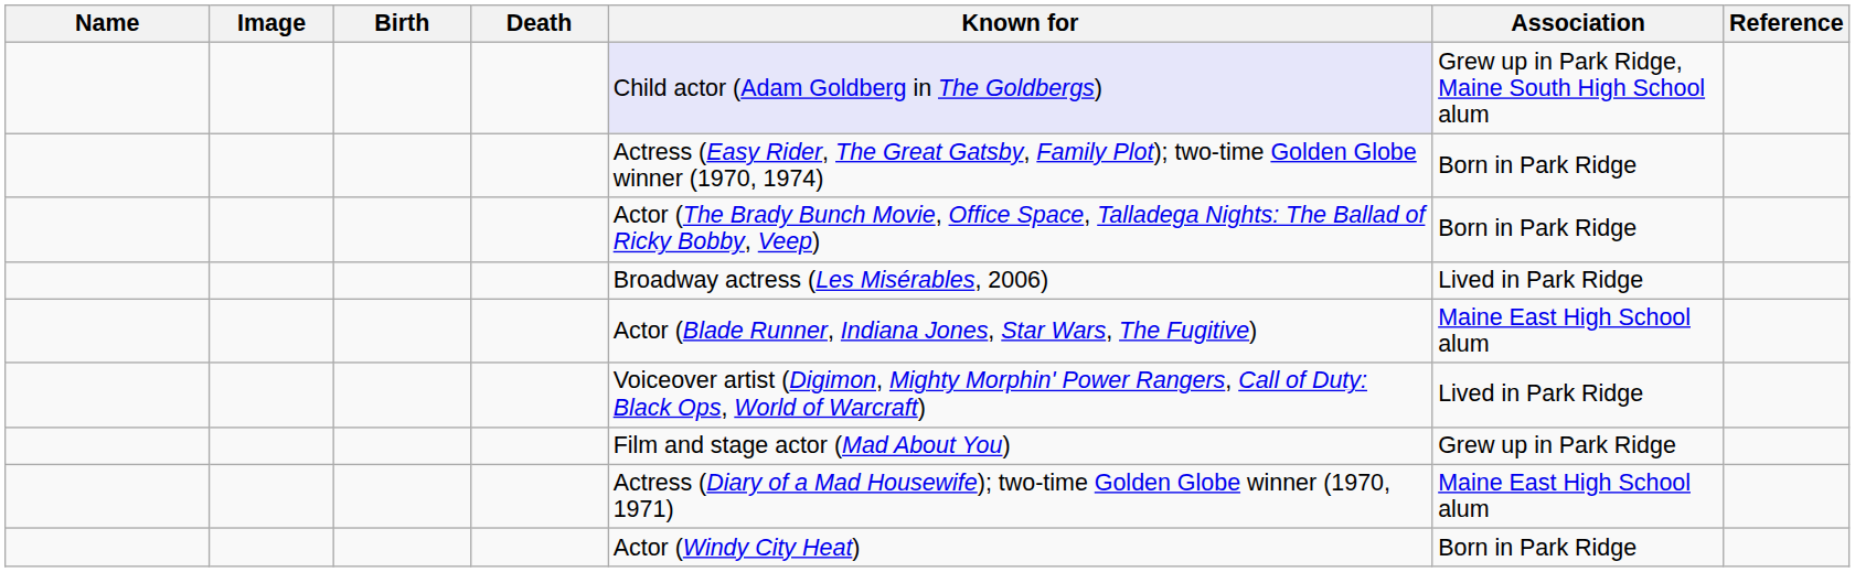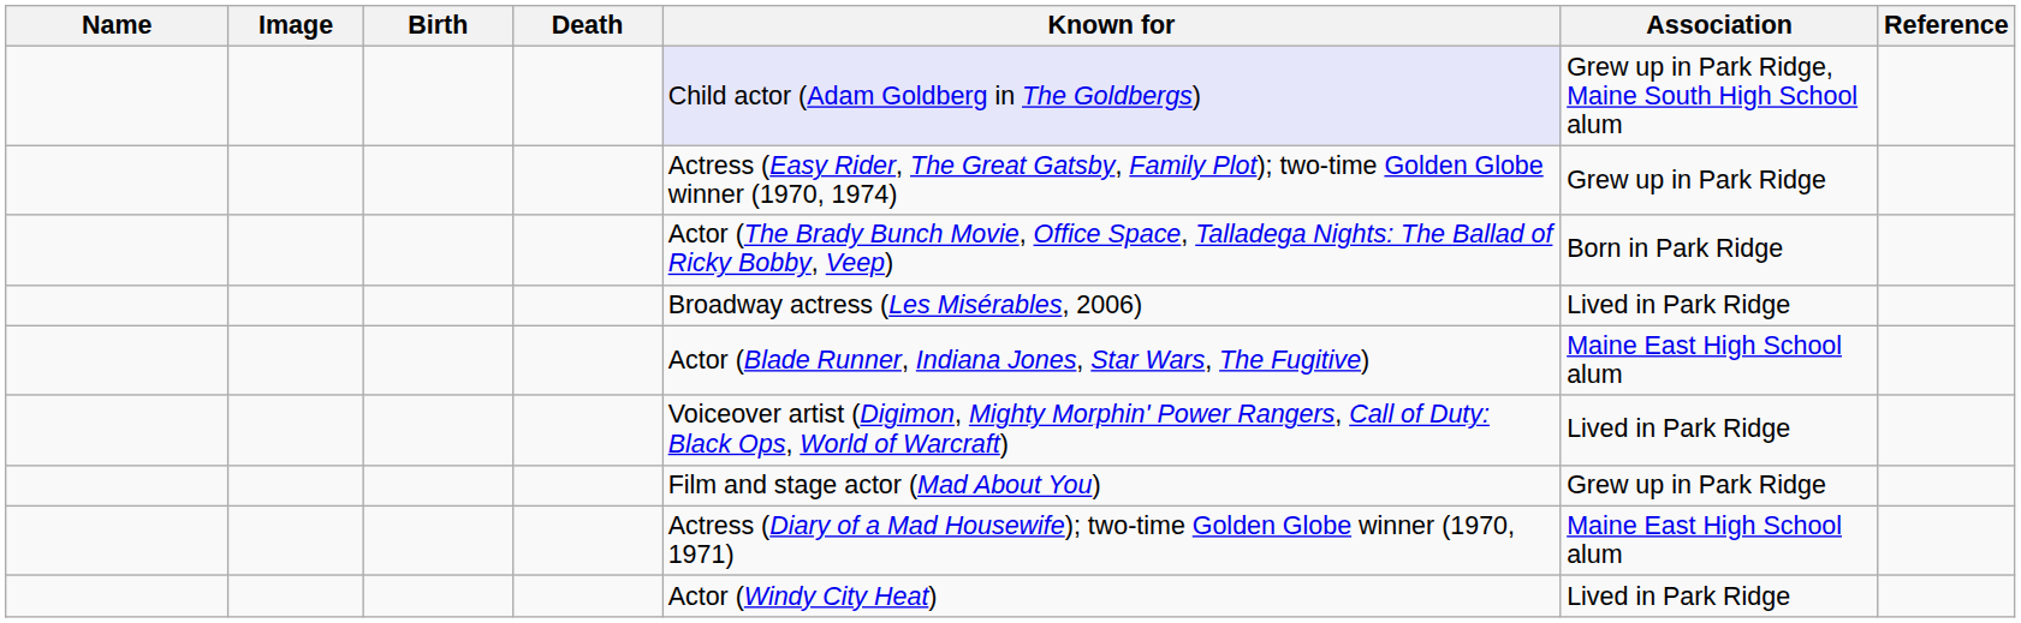 <table class="wikitable sortable">
 <tr>
 <th scope="col" width="140">Name</th>
 <th scope="col" width="80" class="unsortable">Image</th>
 <th scope="col" width="90">Birth</th>
 <th scope="col" width="90">Death</th>
 <th scope="col" width="600" class="unsortable">Known for</th>
 <th scope="col" width="200" class="unsortable">Association</th>
 <th scope="col" width="30" class="unsortable">Reference</th>
 </tr>
 <tr>
 <td></td>
 <td></td>
 <td align=right></td>
 <td></td>
 <td style="background: lavender;">Child actor (<a href='#'>Adam Goldberg</a> in <em><a href='#'>The Goldbergs</a></em>)</td>
 <td>Grew up in Park Ridge, <a href='#'>Maine South High School</a> alum</td>
 <td align="center"></td>
 </tr>
 <tr>
 <td></td>
 <td></td>
 <td align=right></td>
 <td align=right></td>
 <td>Actress (<em><a href='#'>Easy Rider</a></em>, <em><a href='#'>The Great Gatsby</a></em>, <em><a href='#'>Family Plot</a></em>); two-time <a href='#'>Golden Globe</a> winner (1970, 1974)</td>
-<td>Born in Park Ridge</td>
+<td>Grew up in Park Ridge</td>
 <td align="center"></td>
 </tr>
 <tr>
 <td></td>
 <td></td>
 <td align=right></td>
 <td></td>
 <td>Actor (<em><a href='#'>The Brady Bunch Movie</a></em>, <em><a href='#'>Office Space</a></em>, <em><a href='#'>Talladega Nights: The Ballad of Ricky Bobby</a></em>, <em><a href='#'>Veep</a></em>)</td>
 <td>Born in Park Ridge</td>
 <td align="center"></td>
 </tr>
 <tr>
 <td></td>
 <td></td>
 <td align=right></td>
 <td></td>
 <td>Broadway actress (<em><a href='#'>Les Misérables</a></em>, 2006)</td>
 <td>Lived in Park Ridge </td>
 <td align="center"></td>
 </tr>
 <tr>
 <td></td>
 <td></td>
 <td align=right></td>
 <td></td>
 <td>Actor (<em><a href='#'>Blade Runner</a></em>, <em><a href='#'>Indiana Jones</a></em>, <em><a href='#'>Star Wars</a></em>, <em><a href='#'>The Fugitive</a></em>)</td>
 <td><a href='#'>Maine East High School</a> alum</td>
 <td align="center"></td>
 </tr>
 <tr>
 <td></td>
 <td></td>
 <td align=right></td>
 <td></td>
 <td>Voiceover artist (<em><a href='#'>Digimon</a></em>, <em><a href='#'>Mighty Morphin' Power Rangers</a></em>, <em><a href='#'>Call of Duty: Black Ops</a></em>, <em><a href='#'>World of Warcraft</a></em>)</td>
 <td>Lived in Park Ridge </td>
 <td align="center"></td>
 </tr>
 <tr>
 <td></td>
 <td></td>
 <td align=right></td>
 <td></td>
 <td>Film and stage actor (<em><a href='#'>Mad About You</a></em>)</td>
 <td>Grew up in Park Ridge</td>
 <td align="center"></td>
 </tr>
 <tr>
 <td></td>
 <td></td>
 <td align=right></td>
 <td align=right></td>
 <td>Actress (<em><a href='#'>Diary of a Mad Housewife</a></em>); two-time <a href='#'>Golden Globe</a> winner (1970, 1971)</td>
 <td><a href='#'>Maine East High School</a> alum</td>
 <td align="center"></td>
 </tr>
 <tr>
 <td></td>
 <td></td>
 <td align=right></td>
 <td align=right></td>
 <td>Actor (<em><a href='#'>Windy City Heat</a></em>)</td>
-<td>Born in Park Ridge</td>
+<td>Lived in Park Ridge </td>
 <td align="center"></td>
 </tr>
 </table>
